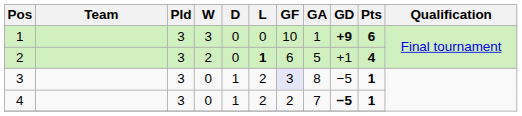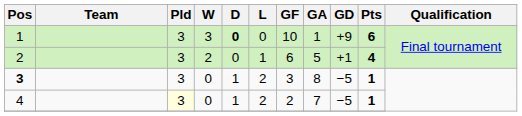 <table class="wikitable" border="1" style="text-align: center;">
 <tr>
 <th width="25"><abbr>Pos</abbr></th>
 <th width="150">Team</th>
 <th width="25"><abbr>Pld</abbr></th>
 <th width="25"><abbr>W</abbr></th>
 <th width="25"><abbr>D</abbr></th>
 <th width="25"><abbr>L</abbr></th>
 <th width="25"><abbr>GF</abbr></th>
 <th width="25"><abbr>GA</abbr></th>
 <th width="25"><abbr>GD</abbr></th>
 <th width="25"><abbr>Pts</abbr></th>
 <th width="150">Qualification</th>
 </tr>
 <tr bgcolor= #D0F0C0>
 <td>1</td>
 <td align="left"></td>
 <td>3</td>
 <td>3</td>
-<td>0</td>
+<td><strong>0</strong></td>
 <td>0</td>
 <td>10</td>
 <td>1</td>
-<td><strong>+9</strong></td>
+<td>+9</td>
 <td><strong>6</strong></td>
 <td rowspan=2><a href='#'>Final tournament</a></td>
 </tr>
 <tr bgcolor= #D0F0C0>
 <td>2</td>
 <td align="left"></td>
 <td>3</td>
 <td>2</td>
 <td>0</td>
-<td><strong>1</strong></td>
+<td>1</td>
 <td>6</td>
 <td>5</td>
 <td>+1</td>
 <td><strong>4</strong></td>
 </tr>
 <tr>
-<td>3</td>
+<td><strong>3</strong></td>
 <td align="left"></td>
 <td>3</td>
 <td>0</td>
 <td>1</td>
 <td>2</td>
-<td style="background: lavender;">3</td>
+<td>3</td>
 <td>8</td>
 <td>−5</td>
 <td><strong>1</strong></td>
 </tr>
 <tr>
 <td>4</td>
 <td align="left"></td>
-<td>3</td>
+<td style="background: lightyellow;">3</td>
 <td>0</td>
 <td>1</td>
 <td>2</td>
 <td>2</td>
 <td>7</td>
-<td><strong>−5</strong></td>
+<td>−5</td>
 <td><strong>1</strong></td>
 </tr>
 <tr>
 </tr>
 </table>
